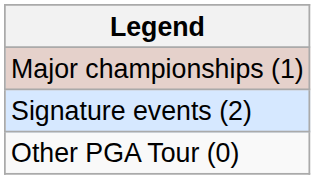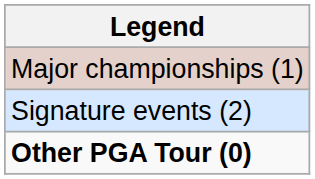 <table class="wikitable" style="font-size:95%;">
 <tr>
 <th>Legend</th>
 </tr>
 <tr style="background:#e5d1cb;">
 <td>Major championships  (1)</td>
 </tr>
 <tr style="background:#D6E8FF;">
 <td>Signature events (2)</td>
 </tr>
 <tr>
-<td>Other PGA Tour (0)</td>
+<td><strong>Other PGA Tour (0)</strong></td>
 </tr>
 </table>
